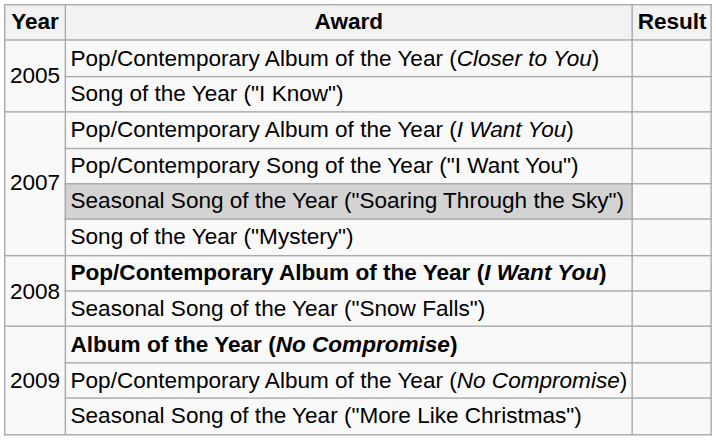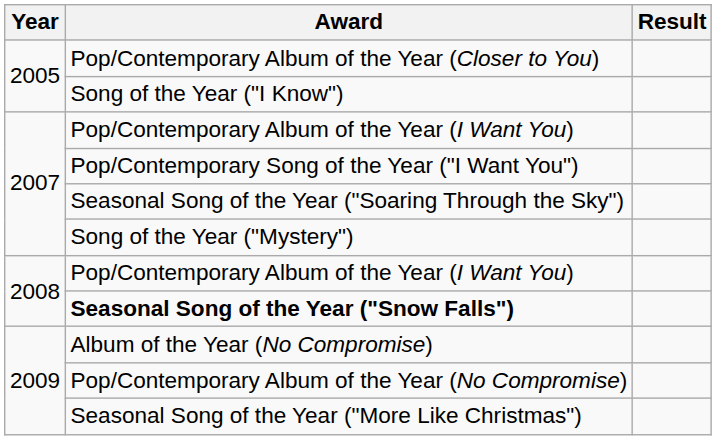 <table class="wikitable">
 <tr>
 <th>Year</th>
 <th>Award</th>
 <th>Result</th>
 </tr>
 <tr>
 <td rowspan="2">2005</td>
 <td>Pop/Contemporary Album of the Year (<em>Closer to You</em>)</td>
 <td></td>
 </tr>
 <tr>
 <td>Song of the Year ("I Know")</td>
 <td></td>
 </tr>
 <tr>
 <td rowspan="4">2007</td>
 <td>Pop/Contemporary Album of the Year (<em>I Want You</em>)</td>
 <td></td>
 </tr>
 <tr>
 <td>Pop/Contemporary Song of the Year ("I Want You")</td>
 <td></td>
 </tr>
 <tr>
-<td style="background: lightgrey;">Seasonal Song of the Year ("Soaring Through the Sky")</td>
+<td>Seasonal Song of the Year ("Soaring Through the Sky")</td>
 <td></td>
 </tr>
 <tr>
 <td>Song of the Year ("Mystery")</td>
 <td></td>
 </tr>
 <tr>
 <td rowspan="2">2008</td>
-<td><strong>Pop/Contemporary Album of the Year (<em>I Want You</em>)</strong></td>
+<td>Pop/Contemporary Album of the Year (<em>I Want You</em>)</td>
 <td></td>
 </tr>
 <tr>
-<td>Seasonal Song of the Year ("Snow Falls")</td>
+<td><strong>Seasonal Song of the Year ("Snow Falls")</strong></td>
 <td></td>
 </tr>
 <tr>
 <td rowspan="3">2009</td>
-<td><strong>Album of the Year (<em>No Compromise</em>)</strong></td>
+<td>Album of the Year (<em>No Compromise</em>)</td>
 <td></td>
 </tr>
 <tr>
 <td>Pop/Contemporary Album of the Year (<em>No Compromise</em>)</td>
 <td></td>
 </tr>
 <tr>
 <td>Seasonal Song of the Year ("More Like Christmas")</td>
 <td></td>
 </tr>
 </table>
